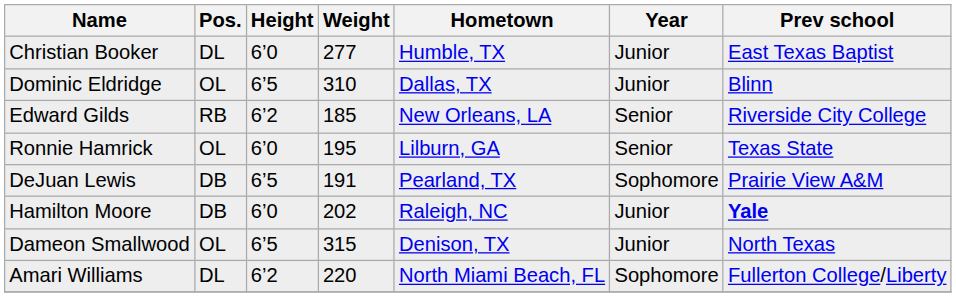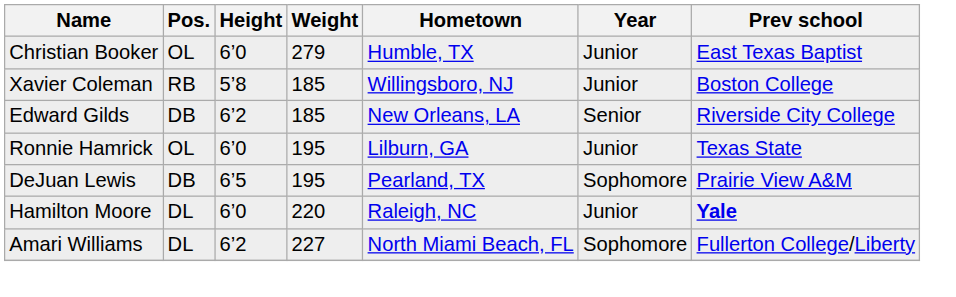 <table class="wikitable sortable collapsible collapsed">
 <tr>
 <th style="text-align:center; ">Name</th>
 <th style="text-align:center; ">Pos.</th>
 <th style="text-align:center; ">Height</th>
 <th style="text-align:center; ">Weight</th>
 <th style="text-align:center; ">Hometown</th>
 <th style="text-align:center; ">Year</th>
 <th style="text-align:center; ">Prev school</th>
 </tr>
 <tr style="background:#eeeeee;">
 <td>Christian Booker</td>
-<td>DL</td>
+<td>OL</td>
 <td>6’0</td>
-<td>277</td>
+<td>279</td>
 <td><a href='#'>Humble, TX</a></td>
 <td>Junior</td>
 <td><a href='#'>East Texas Baptist</a></td>
 </tr>
 <tr style="background:#eeeeee;">
-<td>Dominic Eldridge</td>
-<td>OL</td>
-<td>6’5</td>
-<td>310</td>
-<td><a href='#'>Dallas, TX</a></td>
+<td>Xavier Coleman</td>
+<td>RB</td>
+<td>5’8</td>
+<td>185</td>
+<td><a href='#'>Willingsboro, NJ</a></td>
 <td>Junior</td>
-<td><a href='#'>Blinn</a></td>
+<td><a href='#'>Boston College</a></td>
 </tr>
 <tr style="background:#eeeeee;">
 <td>Edward Gilds</td>
-<td>RB</td>
+<td>DB</td>
 <td>6’2</td>
 <td>185</td>
 <td><a href='#'>New Orleans, LA</a></td>
 <td>Senior</td>
 <td><a href='#'>Riverside City College</a></td>
 </tr>
 <tr style="background:#eeeeee;">
 <td>Ronnie Hamrick</td>
 <td>OL</td>
 <td>6’0</td>
 <td>195</td>
 <td><a href='#'>Lilburn, GA</a></td>
-<td>Senior</td>
+<td>Junior</td>
 <td><a href='#'>Texas State</a></td>
 </tr>
 <tr style="background:#eeeeee;">
 <td>DeJuan Lewis</td>
 <td>DB</td>
 <td>6’5</td>
-<td>191</td>
+<td>195</td>
 <td><a href='#'>Pearland, TX</a></td>
 <td>Sophomore</td>
 <td><a href='#'>Prairie View A&M</a></td>
 </tr>
 <tr style="background:#eeeeee;">
 <td>Hamilton Moore</td>
-<td>DB</td>
+<td>DL</td>
 <td>6’0</td>
-<td>202</td>
+<td>220</td>
 <td><a href='#'>Raleigh, NC</a></td>
 <td>Junior</td>
 <td><strong><a href='#'>Yale</a></strong></td>
 </tr>
 <tr style="background:#eeeeee;">
-<td>Dameon Smallwood</td>
-<td>OL</td>
-<td>6’5</td>
-<td>315</td>
-<td><a href='#'>Denison, TX</a></td>
-<td>Junior</td>
-<td><a href='#'>North Texas</a></td>
-</tr>
-<tr style="background:#eeeeee;">
 <td>Amari Williams</td>
 <td>DL</td>
 <td>6’2</td>
-<td>220</td>
+<td>227</td>
 <td><a href='#'>North Miami Beach, FL</a></td>
 <td>Sophomore</td>
 <td><a href='#'>Fullerton College</a>/<a href='#'>Liberty</a></td>
 </tr>
 <tr style="background:#eeeeee;">
 </tr>
 </table>
